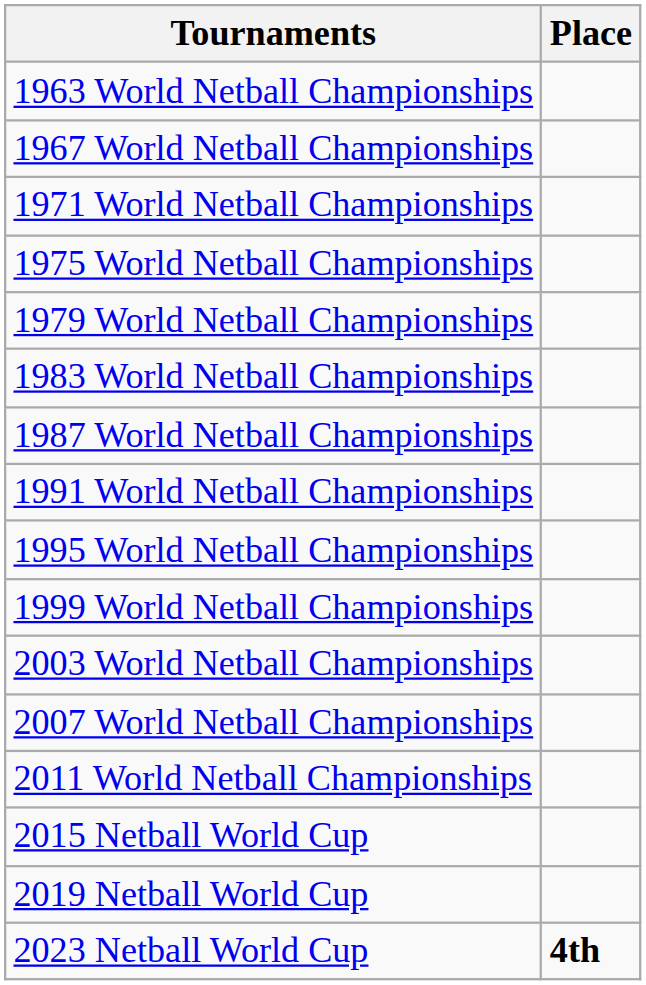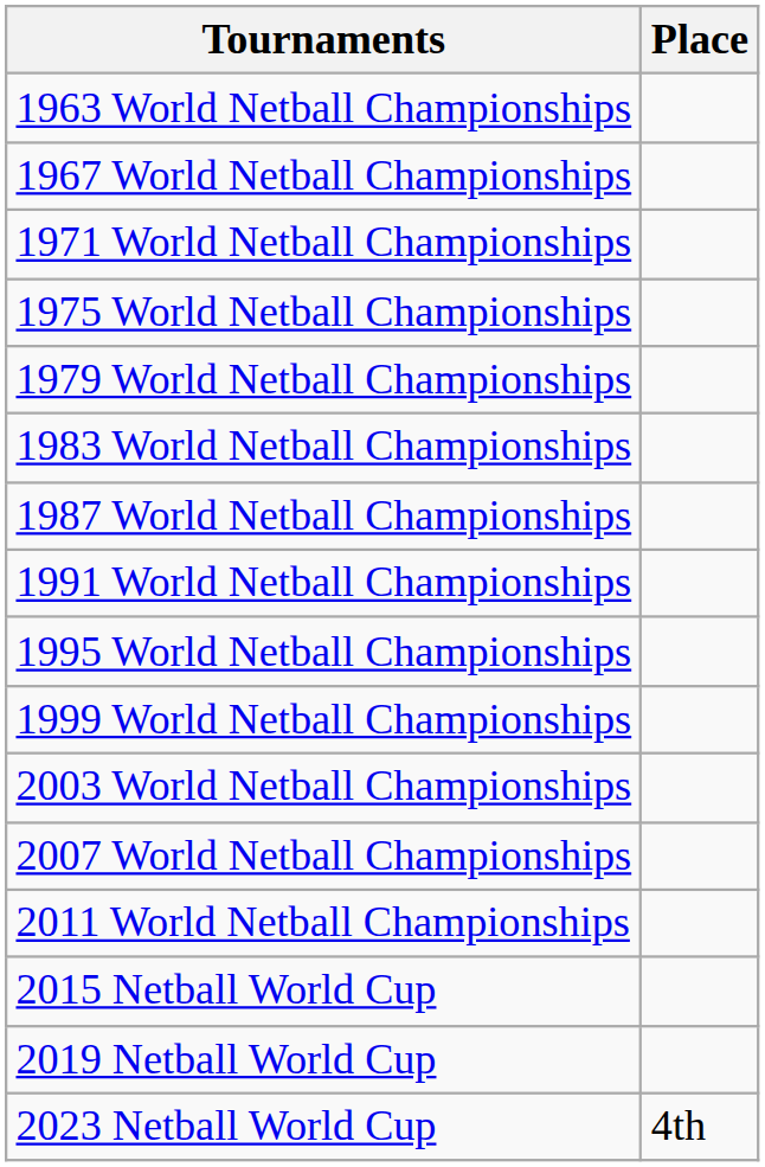 <table class="wikitable collapsible">
 <tr>
 <th>Tournaments</th>
 <th>Place</th>
 </tr>
 <tr>
 <td><a href='#'>1963 World Netball Championships</a></td>
 <td></td>
 </tr>
 <tr>
 <td><a href='#'>1967 World Netball Championships</a></td>
 <td></td>
 </tr>
 <tr>
 <td><a href='#'>1971 World Netball Championships</a></td>
 <td></td>
 </tr>
 <tr>
 <td><a href='#'>1975 World Netball Championships</a></td>
 <td></td>
 </tr>
 <tr>
 <td><a href='#'>1979 World Netball Championships</a></td>
 <td></td>
 </tr>
 <tr>
 <td><a href='#'>1983 World Netball Championships</a></td>
 <td></td>
 </tr>
 <tr>
 <td><a href='#'>1987 World Netball Championships</a></td>
 <td></td>
 </tr>
 <tr>
 <td><a href='#'>1991 World Netball Championships</a></td>
 <td></td>
 </tr>
 <tr>
 <td><a href='#'>1995 World Netball Championships</a></td>
 <td></td>
 </tr>
 <tr>
 <td><a href='#'>1999 World Netball Championships</a></td>
 <td></td>
 </tr>
 <tr>
 <td><a href='#'>2003 World Netball Championships</a></td>
 <td></td>
 </tr>
 <tr>
 <td><a href='#'>2007 World Netball Championships</a></td>
 <td></td>
 </tr>
 <tr>
 <td><a href='#'>2011 World Netball Championships</a></td>
 <td></td>
 </tr>
 <tr>
 <td><a href='#'>2015 Netball World Cup</a></td>
 <td></td>
 </tr>
 <tr>
 <td><a href='#'>2019 Netball World Cup</a></td>
 <td></td>
 </tr>
 <tr>
 <td><a href='#'>2023 Netball World Cup</a></td>
-<td><strong>4th</strong></td>
+<td>4th</td>
 </tr>
 </table>
